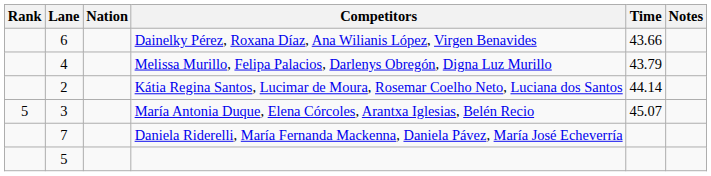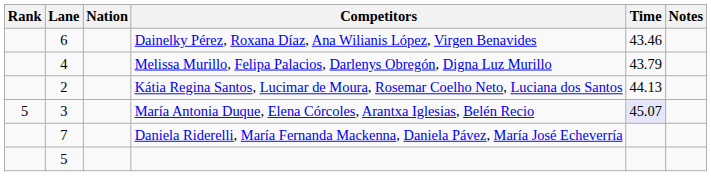 <table class="wikitable sortable" style="text-align:center; font-size:95%">
 <tr>
 <th>Rank</th>
 <th>Lane</th>
 <th>Nation</th>
 <th>Competitors</th>
 <th>Time</th>
 <th>Notes</th>
 </tr>
 <tr>
 <td></td>
 <td>6</td>
 <td align=left></td>
 <td align=left><a href='#'>Dainelky Pérez</a>, <a href='#'>Roxana Díaz</a>, <a href='#'>Ana Wilianis López</a>, <a href='#'>Virgen Benavides</a></td>
-<td>43.66</td>
+<td>43.46</td>
 <td></td>
 </tr>
 <tr>
 <td></td>
 <td>4</td>
 <td align=left></td>
 <td align=left><a href='#'>Melissa Murillo</a>, <a href='#'>Felipa Palacios</a>, <a href='#'>Darlenys Obregón</a>, <a href='#'>Digna Luz Murillo</a></td>
 <td>43.79</td>
 <td></td>
 </tr>
 <tr>
 <td></td>
 <td>2</td>
 <td align=left></td>
 <td align=left><a href='#'>Kátia Regina Santos</a>, <a href='#'>Lucimar de Moura</a>, <a href='#'>Rosemar Coelho Neto</a>, <a href='#'>Luciana dos Santos</a></td>
-<td>44.14</td>
+<td>44.13</td>
 <td></td>
 </tr>
 <tr>
 <td>5</td>
 <td>3</td>
 <td align=left></td>
 <td align=left><a href='#'>María Antonia Duque</a>, <a href='#'>Elena Córcoles</a>, <a href='#'>Arantxa Iglesias</a>, <a href='#'>Belén Recio</a></td>
-<td>45.07</td>
+<td style="background: lavender;">45.07</td>
 <td></td>
 </tr>
 <tr>
 <td></td>
 <td>7</td>
 <td align=left></td>
 <td align=left><a href='#'>Daniela Riderelli</a>, <a href='#'>María Fernanda Mackenna</a>, <a href='#'>Daniela Pávez</a>, <a href='#'>María José Echeverría</a></td>
 <td></td>
 <td></td>
 </tr>
 <tr>
 <td></td>
 <td>5</td>
 <td align=left></td>
 <td align=left></td>
 <td></td>
 <td></td>
 </tr>
 </table>
